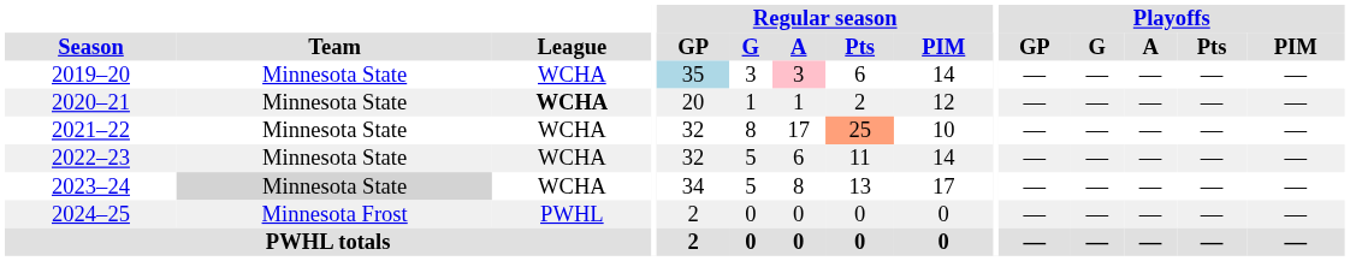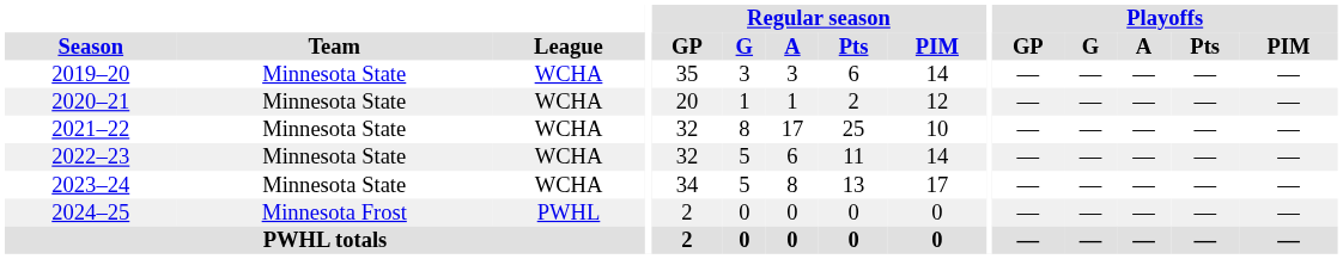 <table border="0" cellpadding="1" cellspacing="0" style="text-align:center; width:60em">
 <tr bgcolor="#e0e0e0">
 <th colspan="3" bgcolor="#ffffff"></th>
 <th rowspan="97" bgcolor="#ffffff"></th>
 <th colspan="5"><a href='#'>Regular season</a></th>
 <th rowspan="97" bgcolor="#ffffff"></th>
 <th colspan="5"><a href='#'>Playoffs</a></th>
 </tr>
 <tr bgcolor="#e0e0e0">
 <th><a href='#'>Season</a></th>
 <th>Team</th>
 <th>League</th>
 <th>GP</th>
 <th><a href='#'>G</a></th>
 <th><a href='#'>A</a></th>
 <th><a href='#'>Pts</a></th>
 <th><a href='#'>PIM</a></th>
 <th>GP</th>
 <th>G</th>
 <th>A</th>
 <th>Pts</th>
 <th>PIM</th>
 </tr>
 <tr>
 <td><a href='#'>2019–20</a></td>
 <td><a href='#'>Minnesota State</a></td>
 <td><a href='#'>WCHA</a></td>
-<td style="background: lightblue;">35</td>
+<td>35</td>
 <td>3</td>
-<td style="background: pink;">3</td>
+<td>3</td>
 <td>6</td>
 <td>14</td>
 <td>—</td>
 <td>—</td>
 <td>—</td>
 <td>—</td>
 <td>—</td>
 </tr>
 <tr bgcolor="#f0f0f0">
 <td><a href='#'>2020–21</a></td>
 <td>Minnesota State</td>
-<td><strong>WCHA</strong></td>
+<td>WCHA</td>
 <td>20</td>
 <td>1</td>
 <td>1</td>
 <td>2</td>
 <td>12</td>
 <td>—</td>
 <td>—</td>
 <td>—</td>
 <td>—</td>
 <td>—</td>
 </tr>
 <tr>
 <td><a href='#'>2021–22</a></td>
 <td>Minnesota State</td>
 <td>WCHA</td>
 <td>32</td>
 <td>8</td>
 <td>17</td>
-<td style="background: lightsalmon;">25</td>
+<td>25</td>
 <td>10</td>
 <td>—</td>
 <td>—</td>
 <td>—</td>
 <td>—</td>
 <td>—</td>
 </tr>
 <tr bgcolor="#f0f0f0">
 <td><a href='#'>2022–23</a></td>
 <td>Minnesota State</td>
 <td>WCHA</td>
 <td>32</td>
 <td>5</td>
 <td>6</td>
 <td>11</td>
 <td>14</td>
 <td>—</td>
 <td>—</td>
 <td>—</td>
 <td>—</td>
 <td>—</td>
 </tr>
 <tr>
 <td><a href='#'>2023–24</a></td>
-<td style="background: lightgrey;">Minnesota State</td>
+<td>Minnesota State</td>
 <td>WCHA</td>
 <td>34</td>
 <td>5</td>
 <td>8</td>
 <td>13</td>
 <td>17</td>
 <td>—</td>
 <td>—</td>
 <td>—</td>
 <td>—</td>
 <td>—</td>
 </tr>
 <tr bgcolor="#f0f0f0">
 <td><a href='#'>2024–25</a></td>
 <td><a href='#'>Minnesota Frost</a></td>
 <td><a href='#'>PWHL</a></td>
 <td>2</td>
 <td>0</td>
 <td>0</td>
 <td>0</td>
 <td>0</td>
 <td>—</td>
 <td>—</td>
 <td>—</td>
 <td>—</td>
 <td>—</td>
 </tr>
 <tr bgcolor="#e0e0e0">
 <th colspan="3">PWHL totals</th>
 <th>2</th>
 <th>0</th>
 <th>0</th>
 <th>0</th>
 <th>0</th>
 <th>—</th>
 <th>—</th>
 <th>—</th>
 <th>—</th>
 <th>—</th>
 </tr>
 </table>
